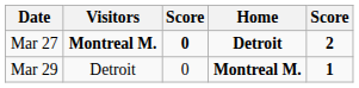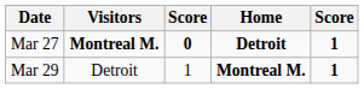 <table class="wikitable">
 <tr>
 <th width="50">Date</th>
 <th width="90">Visitors</th>
 <th width="25">Score</th>
 <th width="90">Home</th>
 <th width="25">Score</th>
 </tr>
 <tr align="center">
 <td>Mar 27</td>
 <td><strong>Montreal M.</strong></td>
 <td align="center"><strong>0</strong></td>
 <td><strong>Detroit</strong></td>
-<td align="center"><strong>2</strong></td>
+<td align="center"><strong>1</strong></td>
 </tr>
 <tr align="center">
 <td>Mar 29</td>
 <td>Detroit</td>
-<td align="center">0</td>
+<td align="center">1</td>
 <td><strong>Montreal M.</strong></td>
 <td align="center"><strong>1</strong></td>
 </tr>
 </table>
